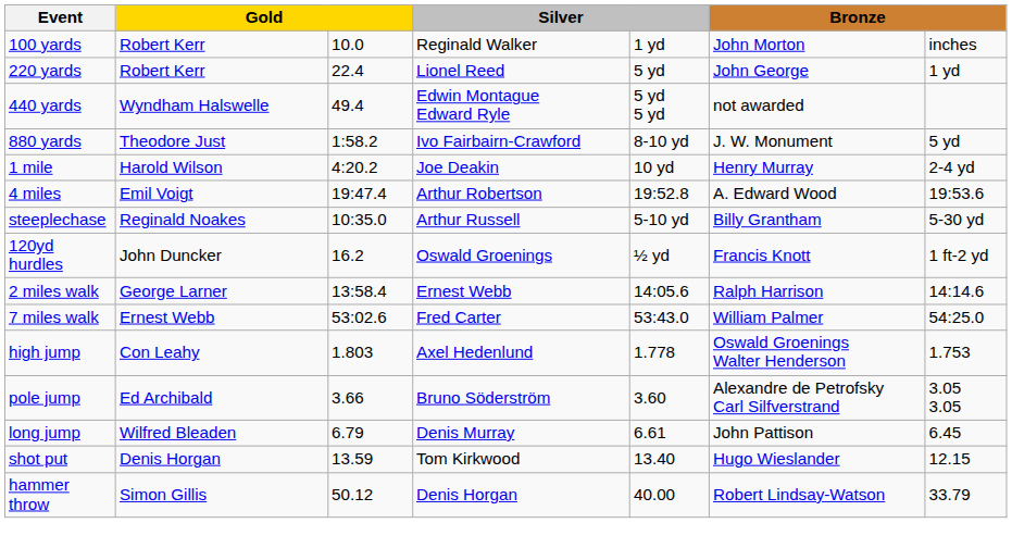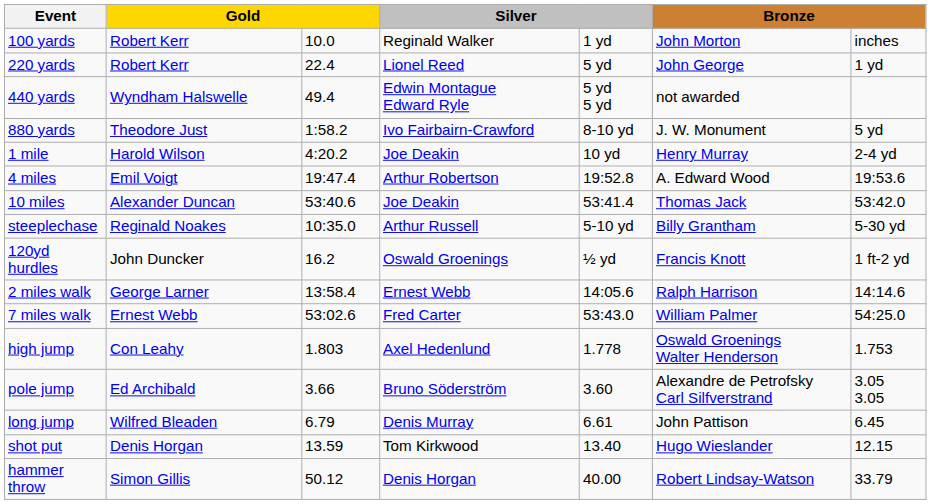 <table class="wikitable" style="text-align:left">
 <tr>
 <th width=100>Event</th>
 <th colspan="2" width="280" style="background:gold;">Gold</th>
 <th colspan="2" width="280" style="background:silver;">Silver</th>
 <th colspan="2" width="280" style="background:#CD7F32;">Bronze</th>
 </tr>
 <tr>
 <td><a href='#'>100 yards</a></td>
 <td> <a href='#'>Robert Kerr</a></td>
 <td>10.0</td>
 <td> Reginald Walker</td>
 <td>1 yd</td>
 <td><a href='#'>John Morton</a></td>
 <td>inches</td>
 </tr>
 <tr>
 <td><a href='#'>220 yards</a></td>
 <td> <a href='#'>Robert Kerr</a></td>
 <td>22.4</td>
 <td><a href='#'>Lionel Reed</a></td>
 <td>5 yd</td>
 <td><a href='#'>John George</a></td>
 <td>1 yd</td>
 </tr>
 <tr>
 <td><a href='#'>440 yards</a></td>
 <td> <a href='#'>Wyndham Halswelle</a></td>
 <td>49.4</td>
 <td><a href='#'>Edwin Montague</a><br><a href='#'>Edward Ryle</a></td>
 <td>5 yd<br>5 yd</td>
 <td>not awarded</td>
 <td></td>
 </tr>
 <tr>
 <td><a href='#'>880 yards</a></td>
 <td><a href='#'>Theodore Just</a></td>
 <td>1:58.2</td>
 <td><a href='#'>Ivo Fairbairn-Crawford</a></td>
 <td>8-10 yd</td>
 <td>J. W. Monument</td>
 <td>5 yd</td>
 </tr>
 <tr>
 <td><a href='#'>1 mile</a></td>
 <td><a href='#'>Harold Wilson</a></td>
 <td>4:20.2</td>
 <td><a href='#'>Joe Deakin</a></td>
 <td>10 yd</td>
 <td> <a href='#'>Henry Murray</a></td>
 <td>2-4 yd</td>
 </tr>
 <tr>
 <td><a href='#'>4 miles</a></td>
 <td><a href='#'>Emil Voigt</a></td>
 <td>19:47.4</td>
 <td><a href='#'>Arthur Robertson</a></td>
 <td>19:52.8</td>
 <td>A. Edward Wood</td>
 <td>19:53.6</td>
+</tr>
+<tr>
+<td><a href='#'>10 miles</a></td>
+<td> <a href='#'>Alexander Duncan</a></td>
+<td>53:40.6</td>
+<td><a href='#'>Joe Deakin</a></td>
+<td>53:41.4</td>
+<td> <a href='#'>Thomas Jack</a></td>
+<td>53:42.0</td>
 </tr>
 <tr>
 <td><a href='#'>steeplechase</a></td>
 <td><a href='#'>Reginald Noakes</a></td>
 <td>10:35.0</td>
 <td><a href='#'>Arthur Russell</a></td>
 <td>5-10 yd</td>
 <td><a href='#'>Billy Grantham</a></td>
 <td>5-30 yd</td>
 </tr>
 <tr>
 <td><a href='#'>120yd hurdles</a></td>
 <td> John Duncker</td>
 <td>16.2</td>
 <td><a href='#'>Oswald Groenings</a></td>
 <td>½ yd</td>
 <td><a href='#'>Francis Knott</a></td>
 <td>1 ft-2 yd</td>
 </tr>
 <tr>
 <td><a href='#'>2 miles walk</a></td>
 <td><a href='#'>George Larner</a></td>
 <td>13:58.4</td>
 <td><a href='#'>Ernest Webb</a></td>
 <td>14:05.6</td>
 <td><a href='#'>Ralph Harrison</a></td>
 <td>14:14.6</td>
 </tr>
 <tr>
 <td><a href='#'>7 miles walk</a></td>
 <td><a href='#'>Ernest Webb</a></td>
 <td>53:02.6</td>
 <td><a href='#'>Fred Carter</a></td>
 <td>53:43.0</td>
 <td><a href='#'>William Palmer</a></td>
 <td>54:25.0</td>
 </tr>
 <tr>
 <td><a href='#'>high jump</a></td>
 <td> <a href='#'>Con Leahy</a></td>
 <td>1.803</td>
 <td> <a href='#'>Axel Hedenlund</a></td>
 <td>1.778</td>
 <td><a href='#'>Oswald Groenings</a><br><a href='#'>Walter Henderson</a></td>
 <td>1.753</td>
 </tr>
 <tr>
 <td><a href='#'>pole jump</a></td>
 <td> <a href='#'>Ed Archibald</a></td>
 <td>3.66</td>
 <td> <a href='#'>Bruno Söderström</a></td>
 <td>3.60</td>
 <td> Alexandre de Petrofsky <br> <a href='#'>Carl Silfverstrand</a></td>
 <td>3.05<br>3.05</td>
 </tr>
 <tr>
 <td><a href='#'>long jump</a></td>
 <td> <a href='#'>Wilfred Bleaden</a></td>
 <td>6.79</td>
 <td> <a href='#'>Denis Murray</a></td>
 <td>6.61</td>
 <td>John Pattison</td>
 <td>6.45</td>
 </tr>
 <tr>
 <td><a href='#'>shot put</a></td>
 <td> <a href='#'>Denis Horgan</a></td>
 <td>13.59</td>
 <td> Tom Kirkwood</td>
 <td>13.40</td>
 <td> <a href='#'>Hugo Wieslander</a></td>
 <td>12.15</td>
 </tr>
 <tr>
 <td><a href='#'>hammer throw</a></td>
 <td> <a href='#'>Simon Gillis</a></td>
 <td>50.12</td>
 <td> <a href='#'>Denis Horgan</a></td>
 <td>40.00</td>
 <td> <a href='#'>Robert Lindsay-Watson</a></td>
 <td>33.79</td>
 </tr>
 </table>
